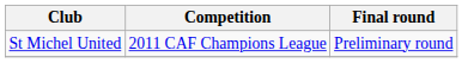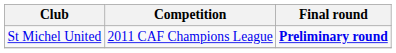 <table class="wikitable">
 <tr>
 <th>Club</th>
 <th>Competition</th>
 <th>Final round</th>
 </tr>
 <tr>
 <td rowspan=1><a href='#'>St Michel United</a></td>
 <td><a href='#'>2011 CAF Champions League</a></td>
-<td><a href='#'>Preliminary round</a></td>
+<td><strong><a href='#'>Preliminary round</a></strong></td>
 </tr>
 <tr>
 </tr>
 </table>
